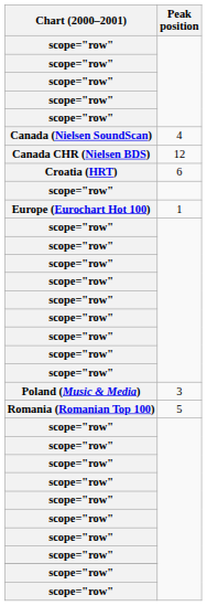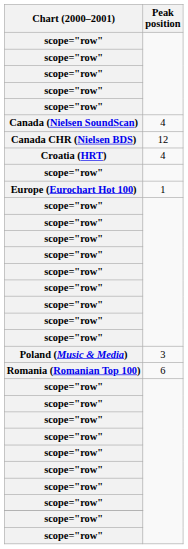 <table class="wikitable sortable plainrowheaders" style="text-align:center">
 <tr>
 <th scope="col">Chart (2000–2001)</th>
 <th scope="col">Peak<br>position</th>
 </tr>
 <tr>
 <th>scope="row"</th>
 </tr>
 <tr>
 <th>scope="row"</th>
 </tr>
 <tr>
 <th>scope="row"</th>
 </tr>
 <tr>
 <th>scope="row"</th>
 </tr>
 <tr>
 <th>scope="row"</th>
 </tr>
 <tr>
 <th scope="row">Canada (<a href='#'>Nielsen SoundScan</a>)</th>
 <td>4</td>
 </tr>
 <tr>
 <th scope="row">Canada CHR (<a href='#'>Nielsen BDS</a>)</th>
 <td>12</td>
 </tr>
 <tr>
 <th scope="row">Croatia (<a href='#'>HRT</a>)</th>
-<td>6</td>
+<td>4</td>
 </tr>
 <tr>
 <th>scope="row"</th>
 </tr>
 <tr>
 <th scope="row">Europe (<a href='#'>Eurochart Hot 100</a>)</th>
 <td>1</td>
 </tr>
 <tr>
 <th>scope="row"</th>
 </tr>
 <tr>
 <th>scope="row"</th>
 </tr>
 <tr>
 <th>scope="row"</th>
 </tr>
 <tr>
 <th>scope="row"</th>
 </tr>
 <tr>
 <th>scope="row"</th>
 </tr>
 <tr>
 <th>scope="row"</th>
 </tr>
 <tr>
 <th>scope="row"</th>
 </tr>
 <tr>
 <th>scope="row"</th>
 </tr>
 <tr>
 <th>scope="row"</th>
 </tr>
 <tr>
 <th scope="row">Poland (<em><a href='#'>Music & Media</a></em>)</th>
 <td>3</td>
 </tr>
 <tr>
 <th scope="row">Romania (<a href='#'>Romanian Top 100</a>)</th>
-<td>5</td>
+<td>6</td>
 </tr>
 <tr>
 <th>scope="row"</th>
 </tr>
 <tr>
 <th>scope="row"</th>
 </tr>
 <tr>
 <th>scope="row"</th>
 </tr>
 <tr>
 <th>scope="row"</th>
 </tr>
 <tr>
 <th>scope="row"</th>
 </tr>
 <tr>
 <th>scope="row"</th>
 </tr>
 <tr>
 <th>scope="row"</th>
 </tr>
 <tr>
 <th>scope="row"</th>
 </tr>
 <tr>
 </tr>
 <tr>
 <th>scope="row"</th>
 </tr>
 <tr>
 <th>scope="row"</th>
 </tr>
 </table>
